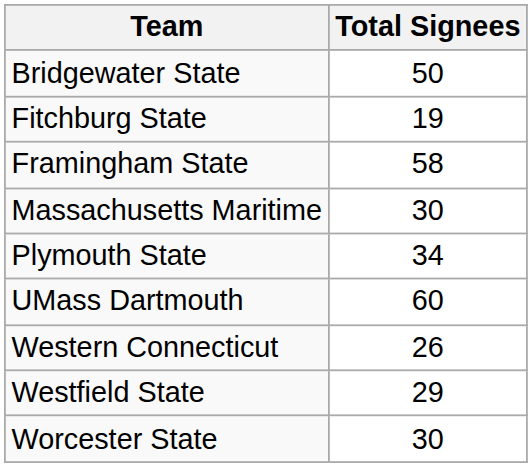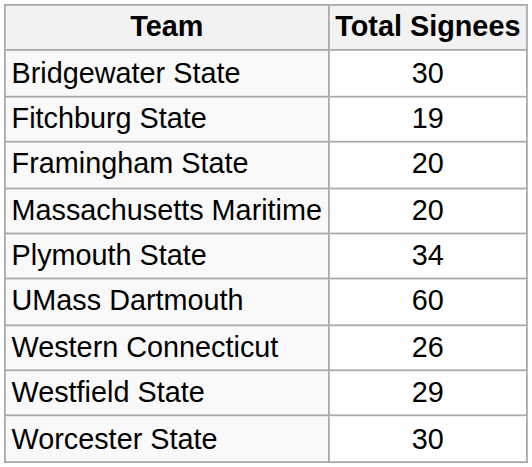 <table class="wikitable">
 <tr>
 <th>Team</th>
 <th>Total Signees</th>
 </tr>
 <tr>
 <td>Bridgewater State</td>
-<td style="text-align:center; background:white">50</td>
+<td style="text-align:center; background:white">30</td>
 </tr>
 <tr>
 <td>Fitchburg State</td>
 <td style="text-align:center; background:white">19</td>
 </tr>
 <tr>
 <td>Framingham State</td>
-<td style="text-align:center; background:white">58</td>
+<td style="text-align:center; background:white">20</td>
 </tr>
 <tr>
 <td>Massachusetts Maritime</td>
-<td style="text-align:center; background:white">30</td>
+<td style="text-align:center; background:white">20</td>
 </tr>
 <tr>
 <td>Plymouth State</td>
 <td style="text-align:center; background:white">34</td>
 </tr>
 <tr>
 <td>UMass Dartmouth</td>
 <td style="text-align:center; background:white">60</td>
 </tr>
 <tr>
 <td>Western Connecticut</td>
 <td style="text-align:center; background:white">26</td>
 </tr>
 <tr>
 <td>Westfield State</td>
 <td style="text-align:center; background:white">29</td>
 </tr>
 <tr>
 <td>Worcester State</td>
 <td style="text-align:center; background:white">30</td>
 </tr>
 </table>
